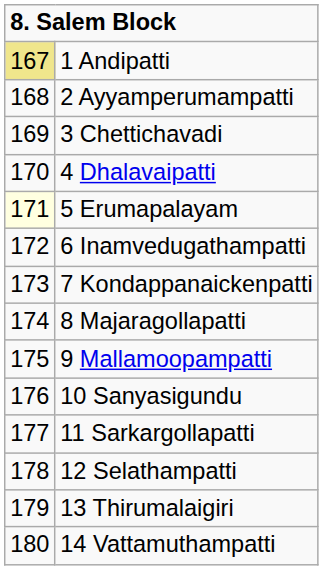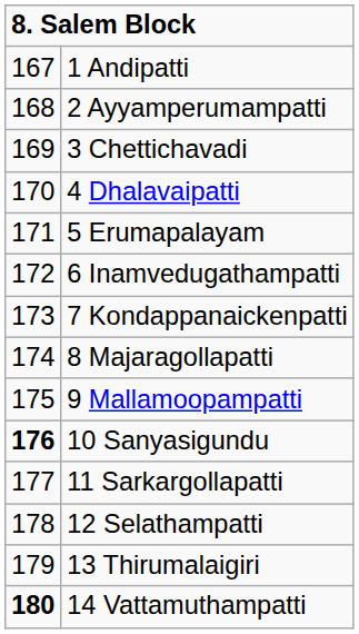 <table class="wikitable">
 <tr>
 <td colspan="2"><strong>8. Salem Block</strong></td>
 </tr>
 <tr>
-<td style="background: khaki;">167</td>
+<td>167</td>
 <td>1 Andipatti</td>
 </tr>
 <tr>
 <td>168</td>
 <td>2 Ayyamperumampatti</td>
 </tr>
 <tr>
 <td>169</td>
 <td>3 Chettichavadi</td>
 </tr>
 <tr>
 <td>170</td>
 <td>4 <a href='#'>Dhalavaipatti</a></td>
 </tr>
 <tr>
-<td style="background: lightyellow;">171</td>
+<td>171</td>
 <td>5 Erumapalayam</td>
 </tr>
 <tr>
 <td>172</td>
 <td>6 Inamvedugathampatti</td>
 </tr>
 <tr>
 <td>173</td>
 <td>7 Kondappanaickenpatti</td>
 </tr>
 <tr>
 <td>174</td>
 <td>8 Majaragollapatti</td>
 </tr>
 <tr>
 <td>175</td>
 <td>9 <a href='#'>Mallamoopampatti</a></td>
 </tr>
 <tr>
-<td>176</td>
+<td><strong>176</strong></td>
 <td>10 Sanyasigundu</td>
 </tr>
 <tr>
 <td>177</td>
 <td>11 Sarkargollapatti</td>
 </tr>
 <tr>
 <td>178</td>
 <td>12 Selathampatti</td>
 </tr>
 <tr>
 <td>179</td>
 <td>13 Thirumalaigiri</td>
 </tr>
 <tr>
-<td>180</td>
+<td><strong>180</strong></td>
 <td>14 Vattamuthampatti</td>
 </tr>
 </table>
